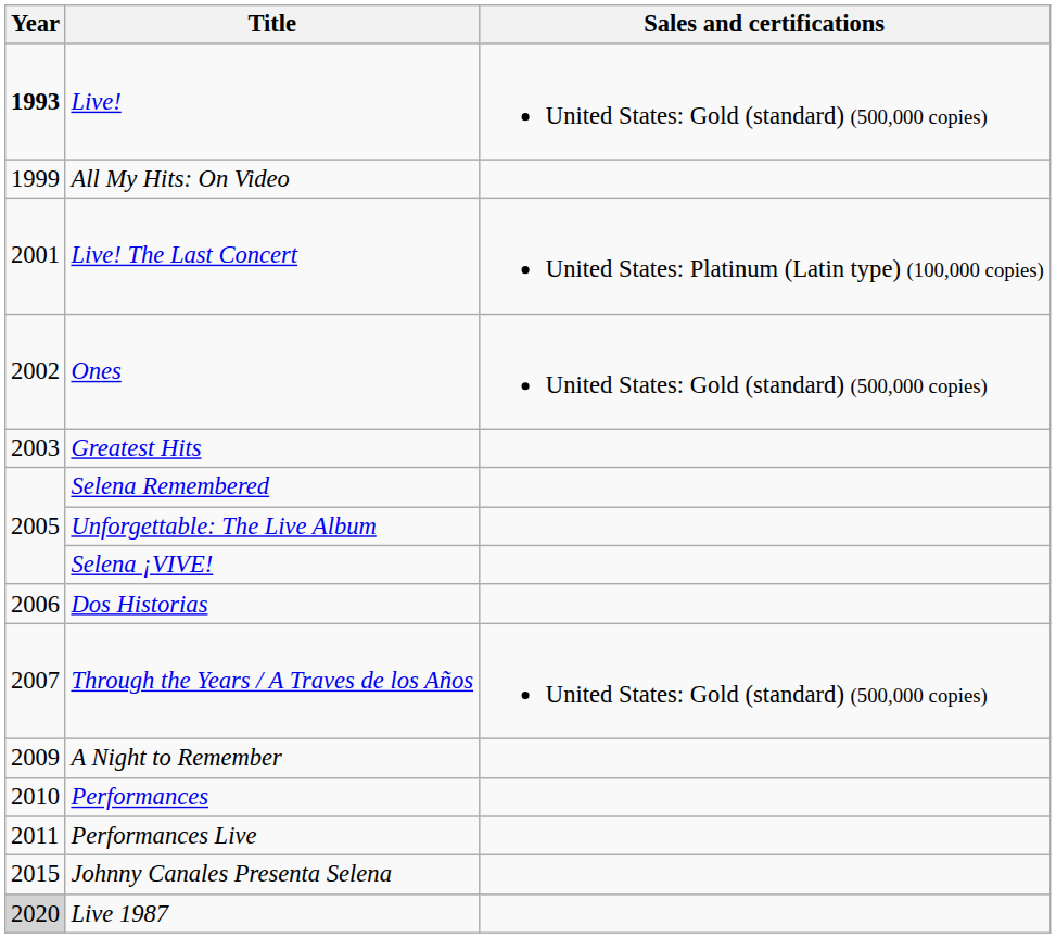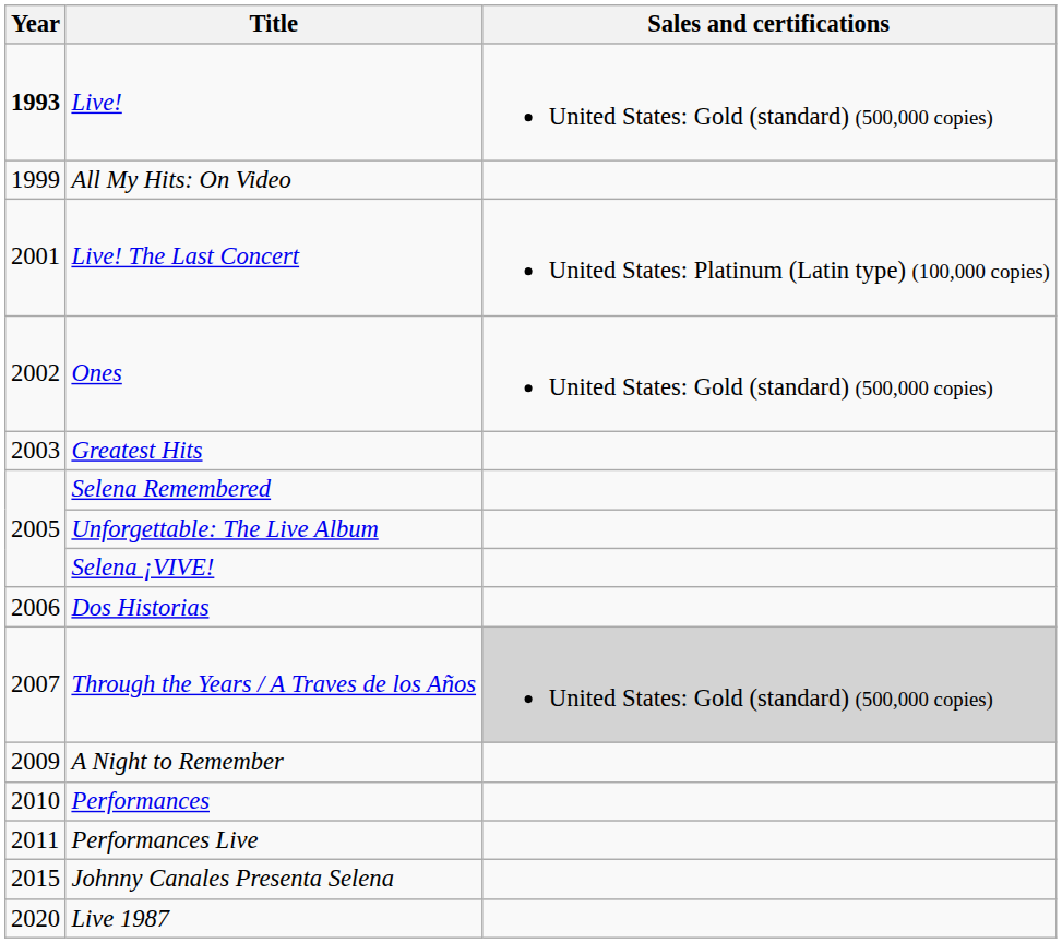 <table class="wikitable">
 <tr>
 <th>Year</th>
 <th>Title</th>
 <th>Sales and certifications</th>
 </tr>
 <tr>
 <td><strong>1993</strong></td>
 <td><em><a href='#'>Live!</a></em></td>
 <td><br><ul><li>United States: Gold (standard) <small>(500,000 copies)</small></li></ul></td>
 </tr>
 <tr>
 <td>1999</td>
 <td><em>All My Hits: On Video</em></td>
 </tr>
 <tr>
 <td>2001</td>
 <td><em><a href='#'>Live! The Last Concert</a></em></td>
 <td><br><ul><li>United States: Platinum (Latin type) <small>(100,000 copies)</small></li></ul></td>
 </tr>
 <tr>
 <td>2002</td>
 <td><em><a href='#'>Ones</a></em></td>
 <td><br><ul><li>United States: Gold (standard) <small>(500,000 copies)</small></li></ul></td>
 </tr>
 <tr>
 <td>2003</td>
 <td><em><a href='#'>Greatest Hits</a></em></td>
 <td></td>
 </tr>
 <tr>
 <td rowspan=3>2005</td>
 <td><em><a href='#'>Selena Remembered</a></em></td>
 <td></td>
 </tr>
 <tr>
 <td><em><a href='#'>Unforgettable: The Live Album</a></em></td>
 <td></td>
 </tr>
 <tr>
 <td><em><a href='#'>Selena ¡VIVE!</a></em></td>
 <td></td>
 </tr>
 <tr>
 <td>2006</td>
 <td><em><a href='#'>Dos Historias</a></em></td>
 <td></td>
 </tr>
 <tr>
 <td>2007</td>
 <td><em><a href='#'>Through the Years / A Traves de los Años</a></em></td>
-<td><br><ul><li>United States: Gold (standard) <small>(500,000 copies)</small></li></ul></td>
+<td style="background: lightgrey;"><br><ul><li>United States: Gold (standard) <small>(500,000 copies)</small></li></ul></td>
 </tr>
 <tr>
 <td>2009</td>
 <td><em>A Night to Remember</em></td>
 <td></td>
 </tr>
 <tr>
 <td>2010</td>
 <td><em><a href='#'>Performances</a></em></td>
 <td></td>
 </tr>
 <tr>
 <td>2011</td>
 <td><em>Performances Live</em></td>
 <td></td>
 </tr>
 <tr>
 <td>2015</td>
 <td><em>Johnny Canales Presenta Selena</em></td>
 <td></td>
 </tr>
 <tr>
-<td style="background: lightgrey;">2020</td>
+<td>2020</td>
 <td><em>Live 1987</em></td>
 <td></td>
 </tr>
 </table>
